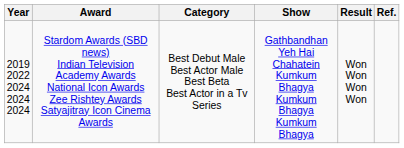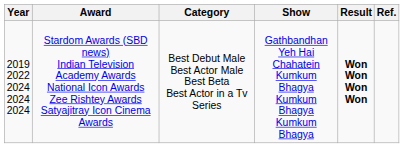 <table class="wikitable" style="text-align:center;">
 <tr>
 <th>Year</th>
 <th>Award</th>
 <th>Category</th>
 <th>Show</th>
 <th>Result</th>
 <th>Ref.</th>
 </tr>
 <tr>
 <td rowspan="6"><br>2019<br>2022<br>2024<br>2024<br>2024</td>
 <td rowspan="1"><a href='#'>Stardom Awards (SBD news)</a><br><a href='#'>Indian Television Academy Awards</a><br><a href='#'>National Icon Awards</a><br><a href='#'>Zee Rishtey Awards</a><br><a href='#'>Satyajitray Icon Cinema Awards</a></td>
 <td>Best Debut Male<br>Best Actor  Male<br>Best Beta<br>Best Actor in a Tv Series</td>
 <td rowspan="6"><br><a href='#'>Gathbandhan </a><br><a href='#'>Yeh Hai Chahatein</a><br><a href='#'>Kumkum Bhagya</a><br><a href='#'>Kumkum Bhagya</a><br><a href='#'>Kumkum Bhagya</a></td>
-<td rowspan="1">Won<br>Won<br>Won<br>Won</td>
+<td rowspan="1"><strong>Won<br>Won<br>Won<br>Won</strong></td>
 <td rowspan="1"></td>
 </tr>
 </table>
